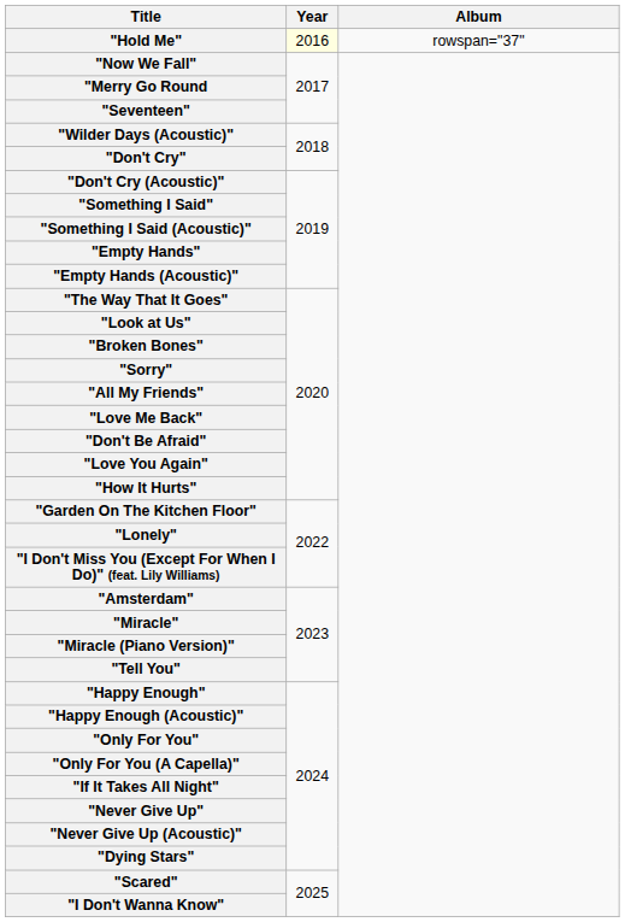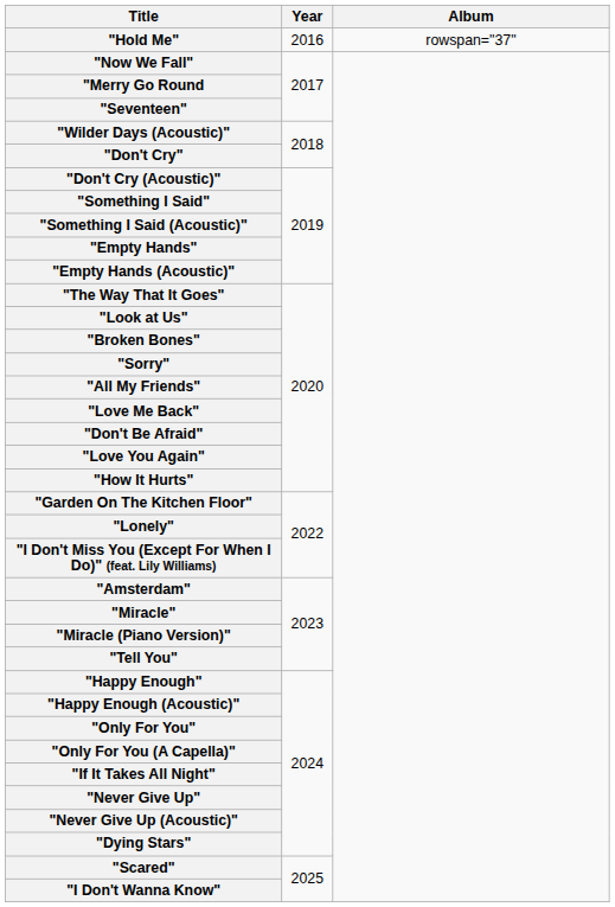 <table class="wikitable plainrowheaders" style="text-align:center;">
 <tr>
 <th scope="col" style="width:18.5em;">Title</th>
 <th scope="col" style="width:3em;">Year</th>
 <th scope="col" style="width:18.5em;">Album</th>
 </tr>
 <tr>
 <th scope="row">"Hold Me"</th>
-<td style="background: lightyellow;">2016</td>
+<td>2016</td>
 <td>rowspan="37" </td>
 </tr>
 <tr>
 <th scope="row">"Now We Fall"</th>
 <td rowspan="3">2017</td>
 </tr>
 <tr>
 <th scope="row">"Merry Go Round</th>
 </tr>
 <tr>
 <th scope="row">"Seventeen"</th>
 </tr>
 <tr>
 <th scope="row">"Wilder Days (Acoustic)"</th>
 <td rowspan="2">2018</td>
 </tr>
 <tr>
 <th scope="row">"Don't Cry"</th>
 </tr>
 <tr>
 <th scope="row">"Don't Cry (Acoustic)"</th>
 <td rowspan="5">2019</td>
 </tr>
 <tr>
 <th scope="row">"Something I Said"</th>
 </tr>
 <tr>
 <th scope="row">"Something I Said (Acoustic)"</th>
 </tr>
 <tr>
 <th scope="row">"Empty Hands"</th>
 </tr>
 <tr>
 <th scope="row">"Empty Hands (Acoustic)"</th>
 </tr>
 <tr>
 <th scope="row">"The Way That It Goes"</th>
 <td rowspan="9">2020</td>
 </tr>
 <tr>
 <th scope="row">"Look at Us"</th>
 </tr>
 <tr>
 <th scope="row">"Broken Bones"</th>
 </tr>
 <tr>
 <th scope="row">"Sorry"</th>
 </tr>
 <tr>
 <th scope="row">"All My Friends"</th>
 </tr>
 <tr>
 <th scope="row">"Love Me Back"</th>
 </tr>
 <tr>
 <th scope="row">"Don't Be Afraid"</th>
 </tr>
 <tr>
 <th scope="row">"Love You Again"</th>
 </tr>
 <tr>
 <th scope="row">"How It Hurts"</th>
 </tr>
 <tr>
 <th scope="row">"Garden On The Kitchen Floor"</th>
 <td rowspan="3">2022</td>
 </tr>
 <tr>
 <th scope="row">"Lonely"</th>
 </tr>
 <tr>
 <th scope="row">"I Don't Miss You (Except For When I Do)" <small>(feat. Lily Williams)</small></th>
 </tr>
 <tr>
 <th scope="row">"Amsterdam"</th>
 <td rowspan="4">2023</td>
 </tr>
 <tr>
 <th scope="row">"Miracle"</th>
 </tr>
 <tr>
 <th scope="row">"Miracle (Piano Version)"</th>
 </tr>
 <tr>
 <th scope="row">"Tell You"</th>
 </tr>
 <tr>
 <th scope="row">"Happy Enough"</th>
 <td rowspan="8">2024</td>
 </tr>
 <tr>
 <th scope="row">"Happy Enough (Acoustic)"</th>
 </tr>
 <tr>
 <th scope="row">"Only For You"</th>
 </tr>
 <tr>
 <th scope="row">"Only For You (A Capella)"</th>
 </tr>
 <tr>
 <th scope="row">"If It Takes All Night"</th>
 </tr>
 <tr>
 <th scope="row">"Never Give Up"</th>
 </tr>
 <tr>
 <th scope="row">"Never Give Up (Acoustic)"</th>
 </tr>
 <tr>
 <th scope="row">"Dying Stars"</th>
 </tr>
 <tr>
 <th scope="row">"Scared"</th>
 <td rowspan="2">2025</td>
 </tr>
 <tr>
 <th scope="row">"I Don't Wanna Know"</th>
 </tr>
 </table>
